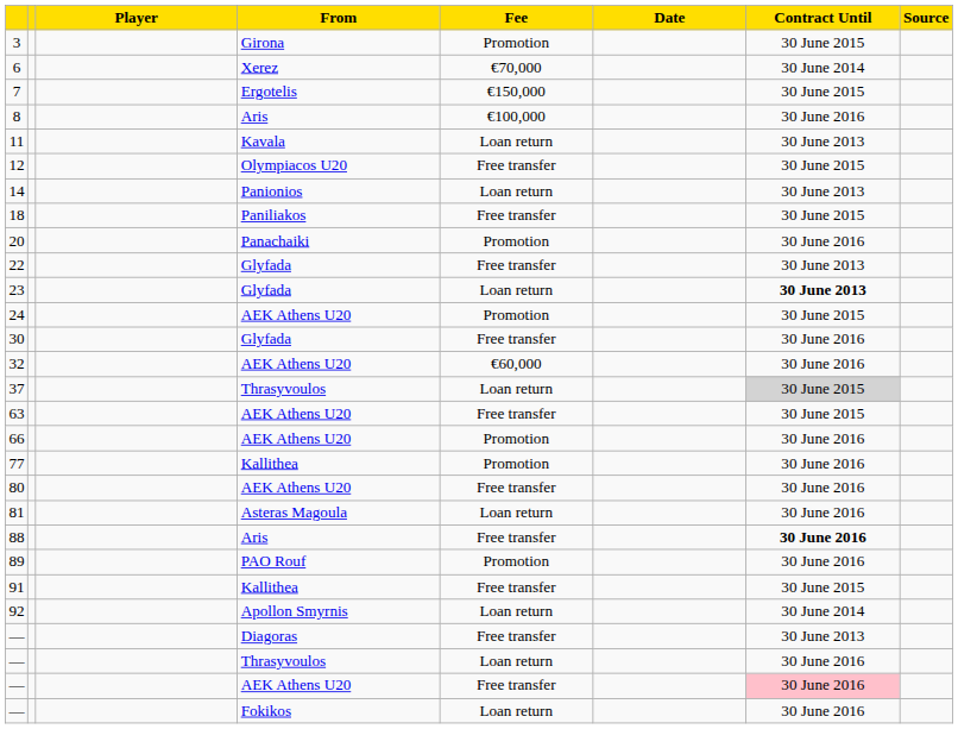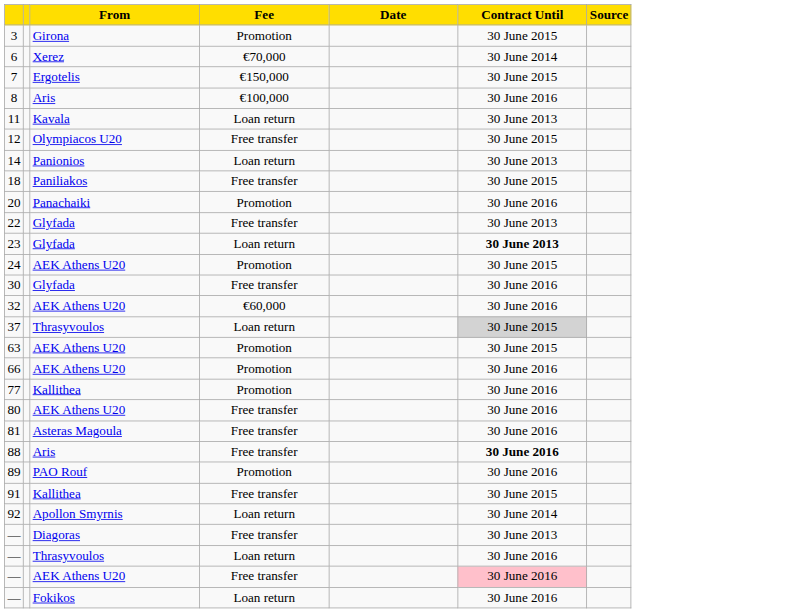 <table class="wikitable sortable">
 <tr>
 <th style="background:#FFDE00"></th>
 <th style="background:#FFDE00"></th>
-<th width=200 style="background:#FFDE00">Player</th>
 <th width=200 style="background:#FFDE00">From</th>
 <th width=150 style="background:#FFDE00">Fee</th>
 <th width=150 style="background:#FFDE00">Date</th>
 <th width=150 style="background:#FFDE00">Contract Until</th>
 <th style="background:#FFDE00">Source</th>
 </tr>
 <tr>
 <td align=center>3</td>
 <td align=center></td>
-<td></td>
 <td> <a href='#'>Girona</a></td>
 <td align=center>Promotion</td>
 <td align=center></td>
 <td align=center>30 June 2015</td>
 <td align=center></td>
 </tr>
 <tr>
 <td align=center>6</td>
 <td align=center></td>
-<td></td>
 <td> <a href='#'>Xerez</a></td>
 <td align=center>€70,000</td>
 <td align=center></td>
 <td align=center>30 June 2014</td>
 <td align=center></td>
 </tr>
 <tr>
 <td align=center>7</td>
 <td align=center></td>
-<td></td>
 <td> <a href='#'>Ergotelis</a></td>
 <td align=center>€150,000</td>
 <td align=center></td>
 <td align=center>30 June 2015</td>
 <td align=center></td>
 </tr>
 <tr>
 <td align=center>8</td>
 <td align=center></td>
-<td></td>
 <td> <a href='#'>Aris</a></td>
 <td align=center>€100,000</td>
 <td align=center></td>
 <td align=center>30 June 2016</td>
 <td align=center></td>
 </tr>
 <tr>
 <td align=center>11</td>
 <td align=center></td>
-<td></td>
 <td> <a href='#'>Kavala</a></td>
 <td align=center>Loan return</td>
 <td align=center></td>
 <td align=center>30 June 2013</td>
 <td align=center></td>
 </tr>
 <tr>
 <td align=center>12</td>
 <td align=center></td>
-<td></td>
 <td> <a href='#'>Olympiacos U20</a></td>
 <td align=center>Free transfer</td>
 <td align=center></td>
 <td align=center>30 June 2015</td>
 <td align=center></td>
 </tr>
 <tr>
 <td align=center>14</td>
 <td align=center></td>
-<td></td>
 <td> <a href='#'>Panionios</a></td>
 <td align=center>Loan return</td>
 <td align=center></td>
 <td align=center>30 June 2013</td>
 <td align=center></td>
 </tr>
 <tr>
 <td align=center>18</td>
 <td align=center></td>
-<td></td>
 <td> <a href='#'>Paniliakos</a></td>
 <td align=center>Free transfer</td>
 <td align=center></td>
 <td align=center>30 June 2015</td>
 <td align=center></td>
 </tr>
 <tr>
 <td align=center>20</td>
 <td align=center></td>
-<td></td>
 <td> <a href='#'>Panachaiki</a></td>
 <td align=center>Promotion</td>
 <td align=center></td>
 <td align=center>30 June 2016</td>
 <td align=center></td>
 </tr>
 <tr>
 <td align=center>22</td>
 <td align=center></td>
-<td></td>
 <td> <a href='#'>Glyfada</a></td>
 <td align=center>Free transfer</td>
 <td align=center></td>
 <td align=center>30 June 2013</td>
 <td align=center></td>
 </tr>
 <tr>
 <td align=center>23</td>
 <td align=center></td>
-<td></td>
 <td> <a href='#'>Glyfada</a></td>
 <td align=center>Loan return</td>
 <td align=center></td>
 <td align=center><strong>30 June 2013</strong></td>
 <td align=center></td>
 </tr>
 <tr>
 <td align=center>24</td>
 <td align=center></td>
-<td></td>
 <td> <a href='#'>AEK Athens U20</a></td>
 <td align=center>Promotion</td>
 <td align=center></td>
 <td align=center>30 June 2015</td>
 <td align=center></td>
 </tr>
 <tr>
 <td align=center>30</td>
 <td align=center></td>
-<td></td>
 <td> <a href='#'>Glyfada</a></td>
 <td align=center>Free transfer</td>
 <td align=center></td>
 <td align=center>30 June 2016</td>
 <td align=center></td>
 </tr>
 <tr>
 <td align=center>32</td>
 <td align=center></td>
-<td></td>
 <td> <a href='#'>AEK Athens U20</a></td>
 <td align=center>€60,000</td>
 <td align=center></td>
 <td align=center>30 June 2016</td>
 <td align=center></td>
 </tr>
 <tr>
 <td align=center>37</td>
 <td align=center></td>
-<td></td>
 <td> <a href='#'>Thrasyvoulos</a></td>
 <td align=center>Loan return</td>
 <td align=center></td>
 <td align=center style="background: lightgrey;">30 June 2015</td>
 <td align=center></td>
 </tr>
 <tr>
 <td align=center>63</td>
 <td align=center></td>
-<td></td>
 <td> <a href='#'>AEK Athens U20</a></td>
-<td align=center>Free transfer</td>
+<td align=center>Promotion</td>
 <td align=center></td>
 <td align=center>30 June 2015</td>
 <td align=center></td>
 </tr>
 <tr>
 <td align=center>66</td>
 <td align=center></td>
-<td></td>
 <td> <a href='#'>AEK Athens U20</a></td>
 <td align=center>Promotion</td>
 <td align=center></td>
 <td align=center>30 June 2016</td>
 <td align=center></td>
 </tr>
 <tr>
 <td align=center>77</td>
 <td align=center></td>
-<td></td>
 <td> <a href='#'>Kallithea</a></td>
 <td align=center>Promotion</td>
 <td align=center></td>
 <td align=center>30 June 2016</td>
 <td align=center></td>
 </tr>
 <tr>
 <td align=center>80</td>
 <td align=center></td>
-<td></td>
 <td> <a href='#'>AEK Athens U20</a></td>
 <td align=center>Free transfer</td>
 <td align=center></td>
 <td align=center>30 June 2016</td>
 <td align=center></td>
 </tr>
 <tr>
 <td align=center>81</td>
 <td align=center></td>
-<td></td>
 <td> <a href='#'>Asteras Magoula</a></td>
-<td align=center>Loan return</td>
+<td align=center>Free transfer</td>
 <td align=center></td>
 <td align=center>30 June 2016</td>
 <td align=center></td>
 </tr>
 <tr>
 <td align=center>88</td>
 <td align=center></td>
-<td></td>
 <td> <a href='#'>Aris</a></td>
 <td align=center>Free transfer</td>
 <td align=center></td>
 <td align=center><strong>30 June 2016</strong></td>
 <td align=center></td>
 </tr>
 <tr>
 <td align=center>89</td>
 <td align=center></td>
-<td></td>
 <td> <a href='#'>PAO Rouf</a></td>
 <td align=center>Promotion</td>
 <td align=center></td>
 <td align=center>30 June 2016</td>
 <td align=center></td>
 </tr>
 <tr>
 <td align=center>91</td>
 <td align=center></td>
-<td></td>
 <td> <a href='#'>Kallithea</a></td>
 <td align=center>Free transfer</td>
 <td align=center></td>
 <td align=center>30 June 2015</td>
 <td align=center></td>
 </tr>
 <tr>
 <td align=center>92</td>
 <td align=center></td>
-<td></td>
 <td> <a href='#'>Apollon Smyrnis</a></td>
 <td align=center>Loan return</td>
 <td align=center></td>
 <td align=center>30 June 2014</td>
 <td align=center></td>
 </tr>
 <tr>
 <td align=center>—</td>
 <td align=center></td>
-<td></td>
 <td> <a href='#'>Diagoras</a></td>
 <td align=center>Free transfer</td>
 <td align=center></td>
 <td align=center>30 June 2013</td>
 <td align=center></td>
 </tr>
 <tr>
 <td align=center>—</td>
 <td align=center></td>
-<td></td>
 <td> <a href='#'>Thrasyvoulos</a></td>
 <td align=center>Loan return</td>
 <td align=center></td>
 <td align=center>30 June 2016</td>
 <td align=center></td>
 </tr>
 <tr>
 <td align=center>—</td>
 <td align=center></td>
-<td></td>
 <td> <a href='#'>AEK Athens U20</a></td>
 <td align=center>Free transfer</td>
 <td align=center></td>
 <td align=center style="background: pink;">30 June 2016</td>
 <td align=center></td>
 </tr>
 <tr>
 <td align=center>—</td>
 <td align=center></td>
-<td></td>
 <td> <a href='#'>Fokikos</a></td>
 <td align=center>Loan return</td>
 <td align=center></td>
 <td align=center>30 June 2016</td>
 <td align=center></td>
 </tr>
 </table>
